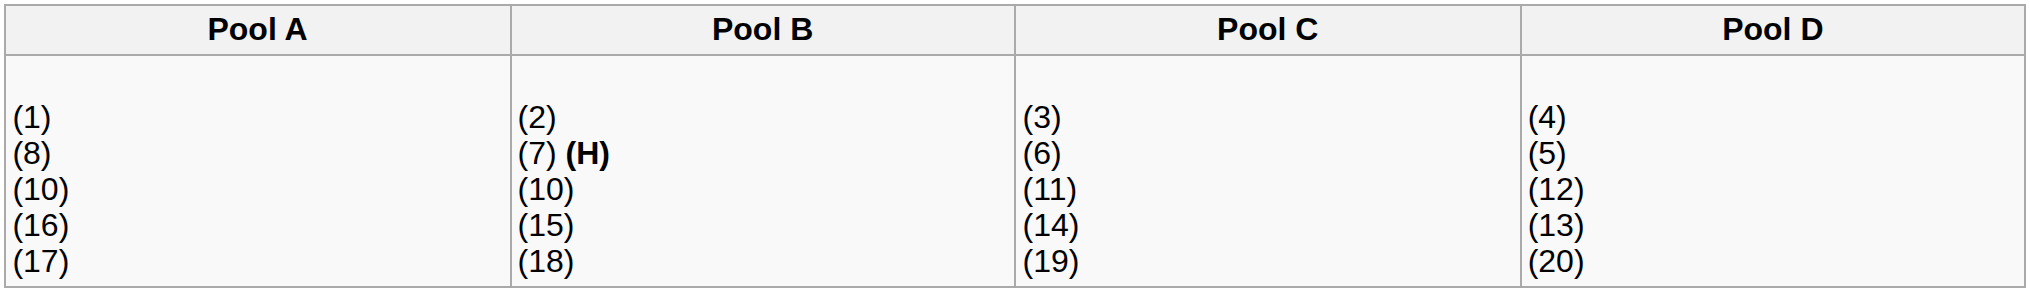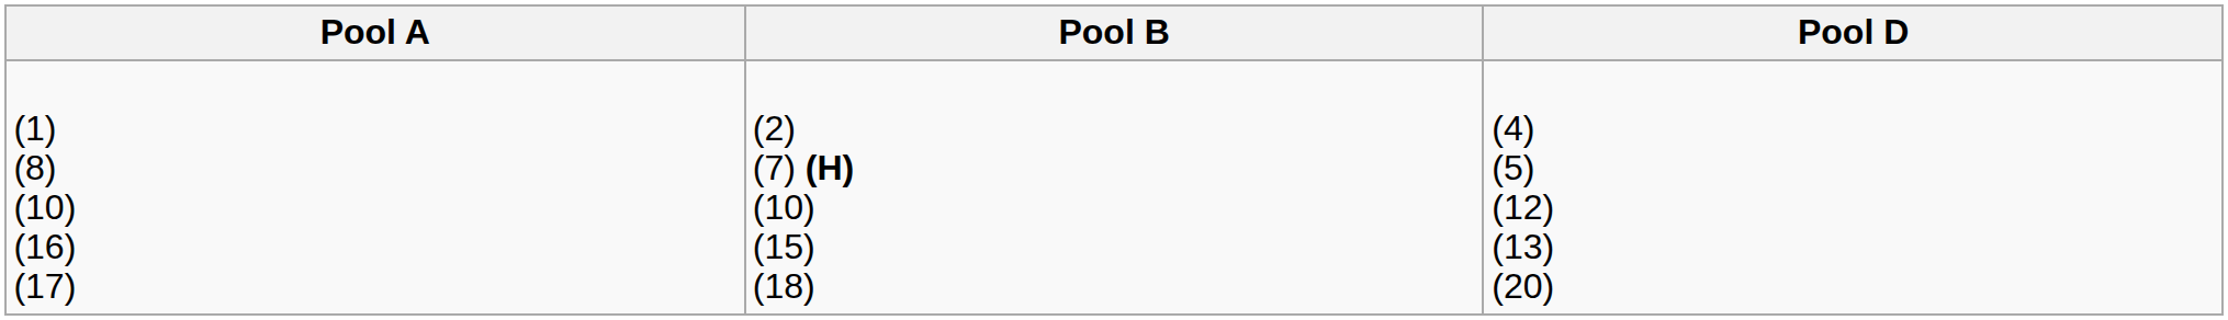 <table class="wikitable" width=80%>
 <tr>
 <th width=25%><strong>Pool A</strong></th>
 <th width=25%><strong>Pool B</strong></th>
-<th width=25%><strong>Pool C</strong></th>
 <th width=25%><strong>Pool D</strong></th>
 </tr>
 <tr>
 <td><br> (1) <br>  (8) <br>  (10) <br>  (16) <br>  (17) <br></td>
 <td><br> (2) <br>  (7) <strong>(H)</strong><br>   (10) <br>   (15) <br>  (18) <br></td>
-<td><br> (3) <br>   (6) <br>   (11) <br>   (14) <br>  (19) <br></td>
 <td><br> (4) <br>  (5) <br>  (12) <br>  (13) <br>  (20) <br></td>
 </tr>
 </table>
